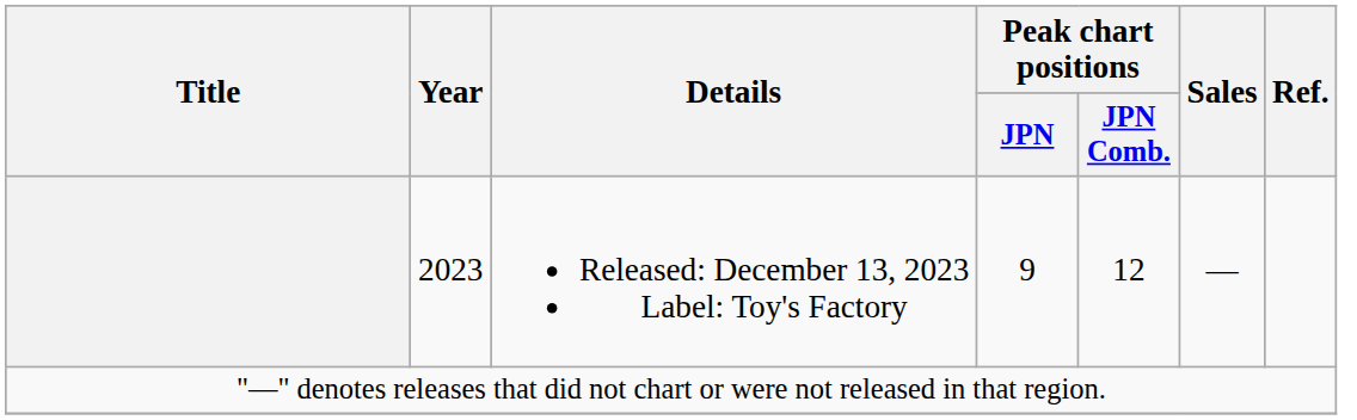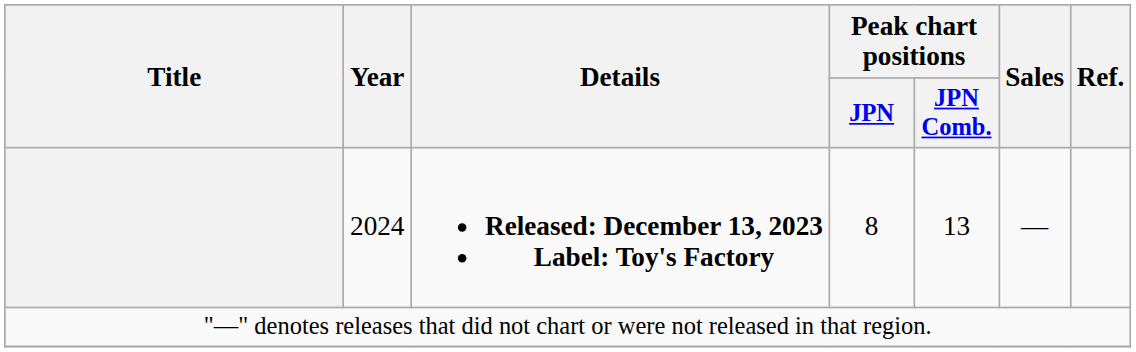 <table class="wikitable plainrowheaders" style="text-align:center;">
 <tr>
 <th scope="col" rowspan="2" style="width:12em;">Title</th>
 <th scope="col" rowspan="2">Year</th>
 <th scope="col" rowspan="2">Details</th>
 <th scope="col" colspan="2">Peak chart positions</th>
 <th scope="col" rowspan="2">Sales</th>
 <th scope="col" rowspan="2">Ref.</th>
 </tr>
 <tr>
 <th scope="col" style="width:3em;font-size:90%;"><a href='#'>JPN</a></th>
 <th scope="col" style="width:3em;font-size:90%;"><a href='#'>JPN<br>Comb.</a></th>
 </tr>
 <tr>
 <th scope="row"></th>
-<td>2023</td>
-<td><br><ul><li>Released: December 13, 2023</li><li>Label: Toy's Factory</li></ul></td>
-<td>9</td>
-<td>12</td>
+<td>2024</td>
+<td><strong><br><ul><li>Released: December 13, 2023</li><li>Label: Toy's Factory</li></ul></strong></td>
+<td>8</td>
+<td>13</td>
 <td>—</td>
 <td></td>
 </tr>
 <tr>
 <td colspan="7" style="font-size:90%;">"—" denotes releases that did not chart or were not released in that region.</td>
 </tr>
 <tr>
 </tr>
 </table>
